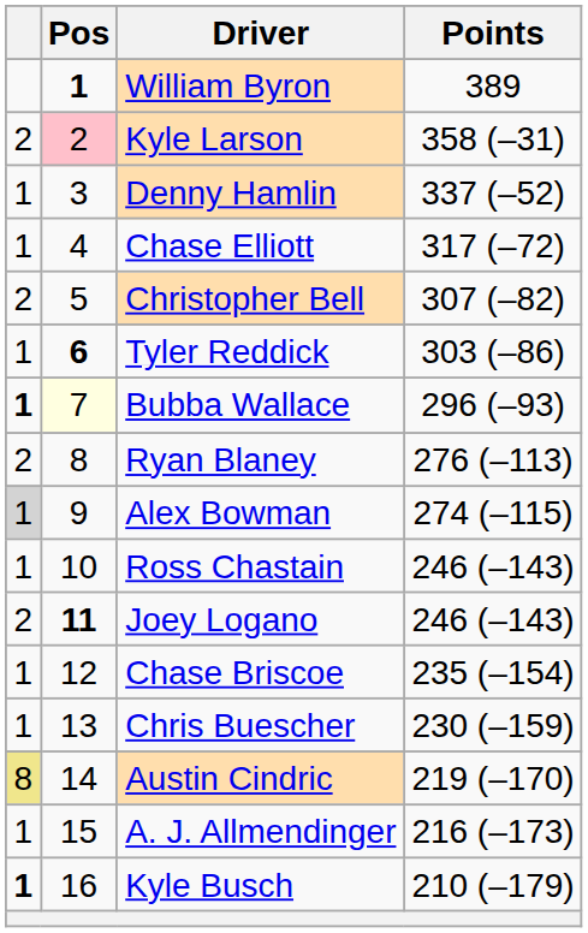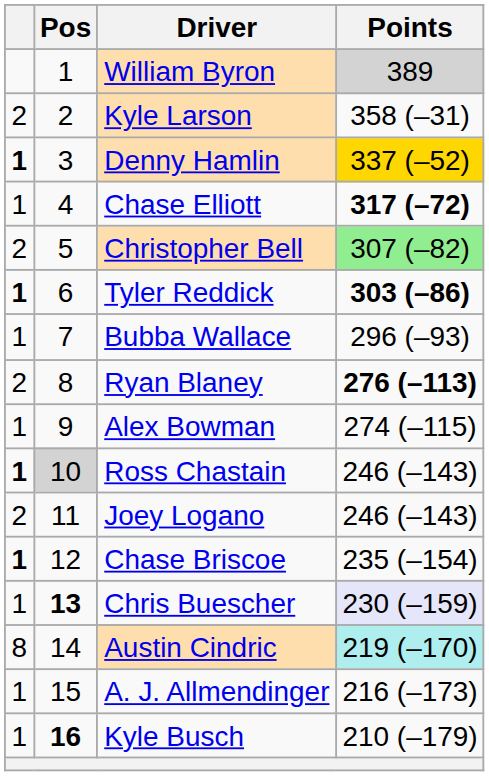 <table class="wikitable" style="font-size: 95%;">
 <tr>
 <th></th>
 <th>Pos</th>
 <th>Driver</th>
 <th>Points</th>
 </tr>
 <tr>
 <td align="left"></td>
-<td style="text-align:center;"><strong>1</strong></td>
+<td style="text-align:center;">1</td>
 <td style="background:#FFDEAD;"><a href='#'>William Byron</a></td>
-<td style="text-align:center;">389</td>
+<td style="background: lightgrey; text-align:center;">389</td>
 </tr>
 <tr>
 <td align="left"> 2</td>
-<td style="background: pink; text-align:center;">2</td>
+<td style="text-align:center;">2</td>
 <td style="background:#FFDEAD;"><a href='#'>Kyle Larson</a></td>
 <td style="text-align:center;">358 (–31)</td>
 </tr>
 <tr>
-<td align="left"> 1</td>
+<td align="left"><strong> 1</strong></td>
 <td style="text-align:center;">3</td>
 <td style="background:#FFDEAD;"><a href='#'>Denny Hamlin</a></td>
-<td style="text-align:center;">337 (–52)</td>
+<td style="background: gold; text-align:center;">337 (–52)</td>
 </tr>
 <tr>
 <td align="left"> 1</td>
 <td style="text-align:center;">4</td>
 <td><a href='#'>Chase Elliott</a></td>
-<td style="text-align:center;">317 (–72)</td>
+<td style="text-align:center;"><strong>317 (–72)</strong></td>
 </tr>
 <tr>
 <td align="left"> 2</td>
 <td style="text-align:center;">5</td>
 <td style="background:#FFDEAD;"><a href='#'>Christopher Bell</a></td>
-<td style="text-align:center;">307 (–82)</td>
+<td style="background: lightgreen; text-align:center;">307 (–82)</td>
+</tr>
+<tr>
+<td align="left"><strong> 1</strong></td>
+<td style="text-align:center;">6</td>
+<td><a href='#'>Tyler Reddick</a></td>
+<td style="text-align:center;"><strong>303 (–86)</strong></td>
 </tr>
 <tr>
 <td align="left"> 1</td>
-<td style="text-align:center;"><strong>6</strong></td>
-<td><a href='#'>Tyler Reddick</a></td>
-<td style="text-align:center;">303 (–86)</td>
-</tr>
-<tr>
-<td align="left"><strong> 1</strong></td>
-<td style="background: lightyellow; text-align:center;">7</td>
+<td style="text-align:center;">7</td>
 <td><a href='#'>Bubba Wallace</a></td>
 <td style="text-align:center;">296 (–93)</td>
 </tr>
 <tr>
 <td align="left"> 2</td>
 <td style="text-align:center;">8</td>
 <td><a href='#'>Ryan Blaney</a></td>
-<td style="text-align:center;">276 (–113)</td>
+<td style="text-align:center;"><strong>276 (–113)</strong></td>
 </tr>
 <tr>
-<td align="left" style="background: lightgrey;"> 1</td>
+<td align="left"> 1</td>
 <td style="text-align:center;">9</td>
 <td><a href='#'>Alex Bowman</a></td>
 <td style="text-align:center;">274 (–115)</td>
 </tr>
 <tr>
-<td align="left"> 1</td>
-<td style="text-align:center;">10</td>
+<td align="left"><strong> 1</strong></td>
+<td style="background: lightgrey; text-align:center;">10</td>
 <td><a href='#'>Ross Chastain</a></td>
 <td style="text-align:center;">246 (–143)</td>
 </tr>
 <tr>
 <td align="left"> 2</td>
-<td style="text-align:center;"><strong>11</strong></td>
+<td style="text-align:center;">11</td>
 <td><a href='#'>Joey Logano</a></td>
 <td style="text-align:center;">246 (–143)</td>
 </tr>
 <tr>
-<td align="left"> 1</td>
+<td align="left"><strong> 1</strong></td>
 <td style="text-align:center;">12</td>
 <td><a href='#'>Chase Briscoe</a></td>
 <td style="text-align:center;">235 (–154)</td>
 </tr>
 <tr>
 <td align="left"> 1</td>
-<td style="text-align:center;">13</td>
+<td style="text-align:center;"><strong>13</strong></td>
 <td><a href='#'>Chris Buescher</a></td>
-<td style="text-align:center;">230 (–159)</td>
+<td style="background: lavender; text-align:center;">230 (–159)</td>
 </tr>
 <tr>
-<td align="left" style="background: khaki;"> 8</td>
+<td align="left"> 8</td>
 <td style="text-align:center;">14</td>
 <td style="background:#FFDEAD;"><a href='#'>Austin Cindric</a></td>
-<td style="text-align:center;">219 (–170)</td>
+<td style="background: paleturquoise; text-align:center;">219 (–170)</td>
 </tr>
 <tr>
 <td align="left"> 1</td>
 <td style="text-align:center;">15</td>
 <td><a href='#'>A. J. Allmendinger</a></td>
 <td style="text-align:center;">216 (–173)</td>
 </tr>
 <tr>
-<td align="left"><strong> 1</strong></td>
-<td style="text-align:center;">16</td>
+<td align="left"> 1</td>
+<td style="text-align:center;"><strong>16</strong></td>
 <td><a href='#'>Kyle Busch</a></td>
 <td style="text-align:center;">210 (–179)</td>
 </tr>
 <tr class="sortbottom">
 <th colspan="9"></th>
 </tr>
 </table>
